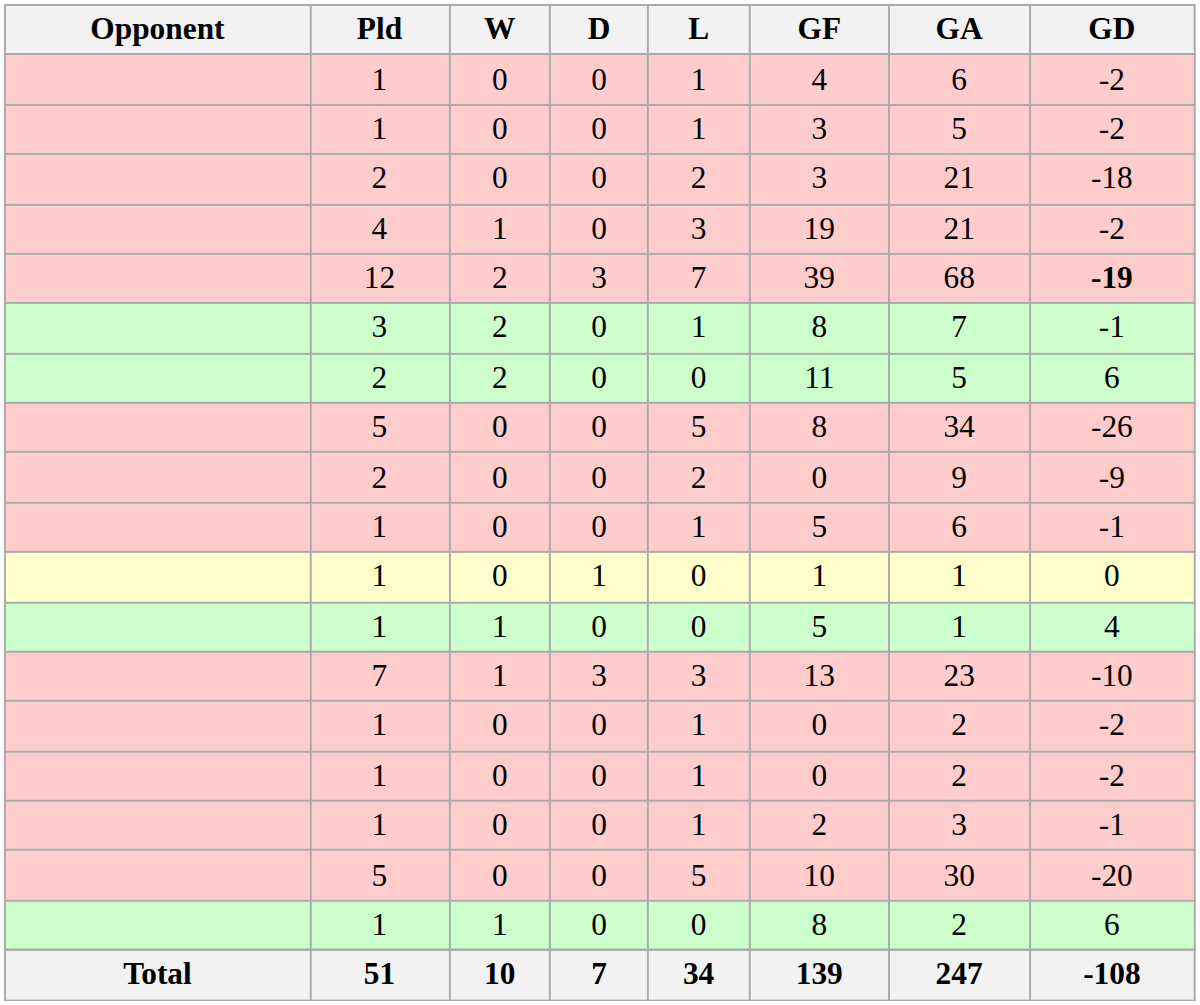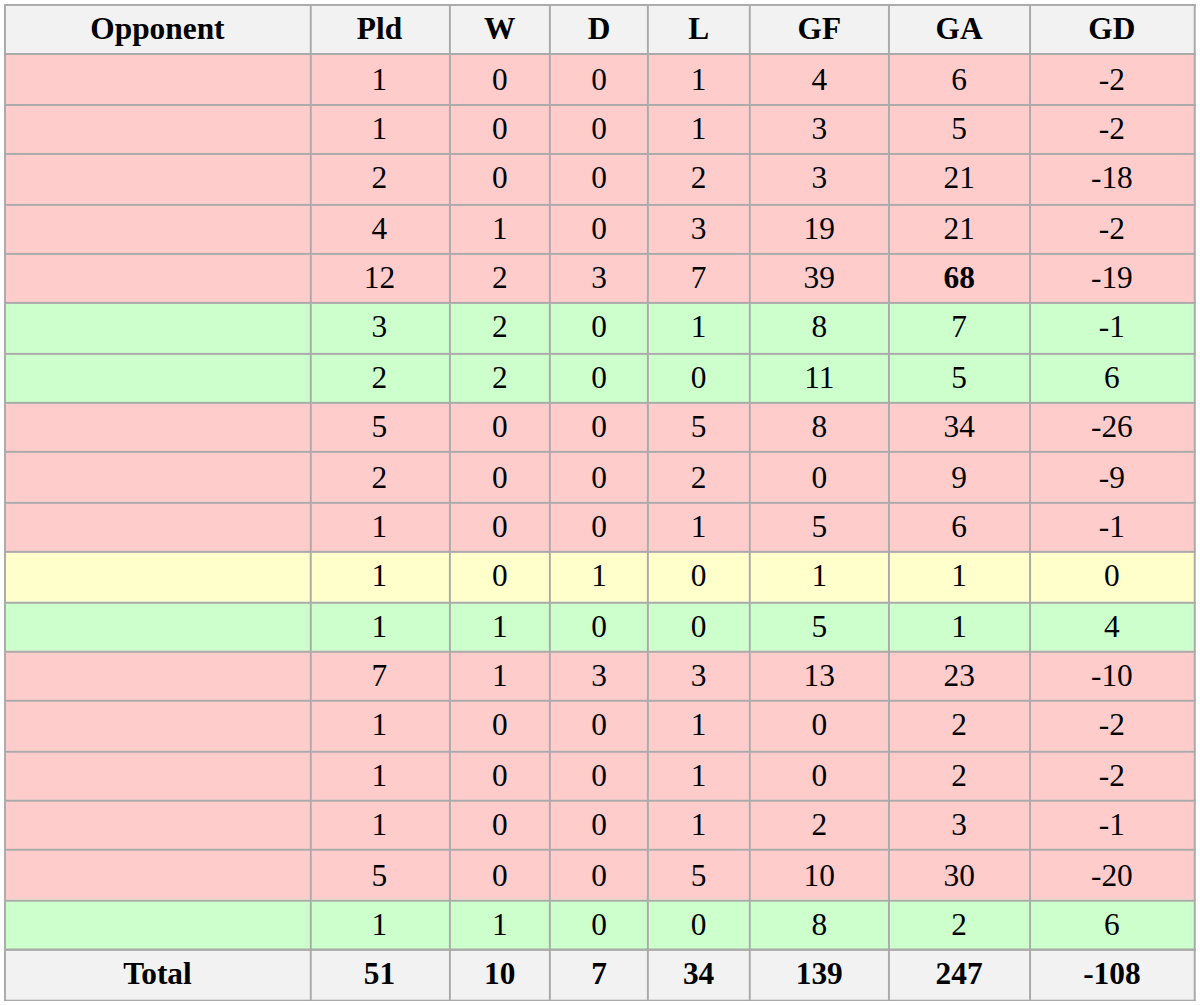 <table class="wikitable" style="text-align: center">
 <tr>
 <th width=220>Opponent<br></th>
 <th width=100>Pld<br></th>
 <th width=70>W<br></th>
 <th width=70>D<br></th>
 <th width=70>L<br></th>
 <th width=100>GF<br></th>
 <th width=100>GA<br></th>
 <th width=120>GD</th>
 </tr>
 <tr>
 </tr>
 <tr bgcolor="#FFCCCC">
 <td style="text-align:left;"></td>
 <td>1</td>
 <td>0</td>
 <td>0</td>
 <td>1</td>
 <td>4</td>
 <td>6</td>
 <td>-2</td>
 </tr>
 <tr bgcolor="#FFCCCC">
 <td style="text-align:left;"></td>
 <td>1</td>
 <td>0</td>
 <td>0</td>
 <td>1</td>
 <td>3</td>
 <td>5</td>
 <td>-2</td>
 </tr>
 <tr bgcolor="#FFCCCC">
 <td style="text-align:left;"></td>
 <td>2</td>
 <td>0</td>
 <td>0</td>
 <td>2</td>
 <td>3</td>
 <td>21</td>
 <td>-18</td>
 </tr>
 <tr bgcolor="#FFCCCC">
 <td style="text-align:left;"></td>
 <td>4</td>
 <td>1</td>
 <td>0</td>
 <td>3</td>
 <td>19</td>
 <td>21</td>
 <td>-2</td>
 </tr>
 <tr bgcolor="#FFCCCC">
 <td style="text-align:left;"></td>
 <td>12</td>
 <td>2</td>
 <td>3</td>
 <td>7</td>
 <td>39</td>
-<td>68</td>
-<td><strong>-19</strong></td>
+<td><strong>68</strong></td>
+<td>-19</td>
 </tr>
 <tr bgcolor="#CCFFCC">
 <td style="text-align:left;"></td>
 <td>3</td>
 <td>2</td>
 <td>0</td>
 <td>1</td>
 <td>8</td>
 <td>7</td>
 <td>-1</td>
 </tr>
 <tr bgcolor="#CCFFCC">
 <td style="text-align:left;"></td>
 <td>2</td>
 <td>2</td>
 <td>0</td>
 <td>0</td>
 <td>11</td>
 <td>5</td>
 <td>6</td>
 </tr>
 <tr bgcolor="#FFCCCC">
 <td style="text-align:left;"></td>
 <td>5</td>
 <td>0</td>
 <td>0</td>
 <td>5</td>
 <td>8</td>
 <td>34</td>
 <td>-26</td>
 </tr>
 <tr bgcolor="#FFCCCC">
 <td style="text-align:left;"></td>
 <td>2</td>
 <td>0</td>
 <td>0</td>
 <td>2</td>
 <td>0</td>
 <td>9</td>
 <td>-9</td>
 </tr>
 <tr bgcolor="#FFCCCC">
 <td style="text-align:left;"></td>
 <td>1</td>
 <td>0</td>
 <td>0</td>
 <td>1</td>
 <td>5</td>
 <td>6</td>
 <td>-1</td>
 </tr>
 <tr bgcolor="#FFFFCC">
 <td style="text-align:left;"></td>
 <td>1</td>
 <td>0</td>
 <td>1</td>
 <td>0</td>
 <td>1</td>
 <td>1</td>
 <td>0</td>
 </tr>
 <tr bgcolor="#CCFFCC">
 <td style="text-align:left;"></td>
 <td>1</td>
 <td>1</td>
 <td>0</td>
 <td>0</td>
 <td>5</td>
 <td>1</td>
 <td>4</td>
 </tr>
 <tr bgcolor="#FFCCCC">
 <td style="text-align:left;"></td>
 <td>7</td>
 <td>1</td>
 <td>3</td>
 <td>3</td>
 <td>13</td>
 <td>23</td>
 <td>-10</td>
 </tr>
 <tr bgcolor="#FFCCCC">
 <td style="text-align:left;"></td>
 <td>1</td>
 <td>0</td>
 <td>0</td>
 <td>1</td>
 <td>0</td>
 <td>2</td>
 <td>-2</td>
 </tr>
 <tr bgcolor="#FFCCCC">
 <td style="text-align:left;"></td>
 <td>1</td>
 <td>0</td>
 <td>0</td>
 <td>1</td>
 <td>0</td>
 <td>2</td>
 <td>-2</td>
 </tr>
 <tr bgcolor="#FFCCCC">
 <td style="text-align:left;"></td>
 <td>1</td>
 <td>0</td>
 <td>0</td>
 <td>1</td>
 <td>2</td>
 <td>3</td>
 <td>-1</td>
 </tr>
 <tr bgcolor="#FFCCCC">
 <td style="text-align:left;"></td>
 <td>5</td>
 <td>0</td>
 <td>0</td>
 <td>5</td>
 <td>10</td>
 <td>30</td>
 <td>-20</td>
 </tr>
 <tr bgcolor="#CCFFCC">
 <td style="text-align:left;"></td>
 <td>1</td>
 <td>1</td>
 <td>0</td>
 <td>0</td>
 <td>8</td>
 <td>2</td>
 <td>6</td>
 </tr>
 <tr>
 </tr>
 <tr class="sortbottom">
 <th>Total</th>
 <th>51</th>
 <th>10</th>
 <th>7</th>
 <th>34</th>
 <th>139</th>
 <th>247</th>
 <th>-108</th>
 </tr>
 </table>
